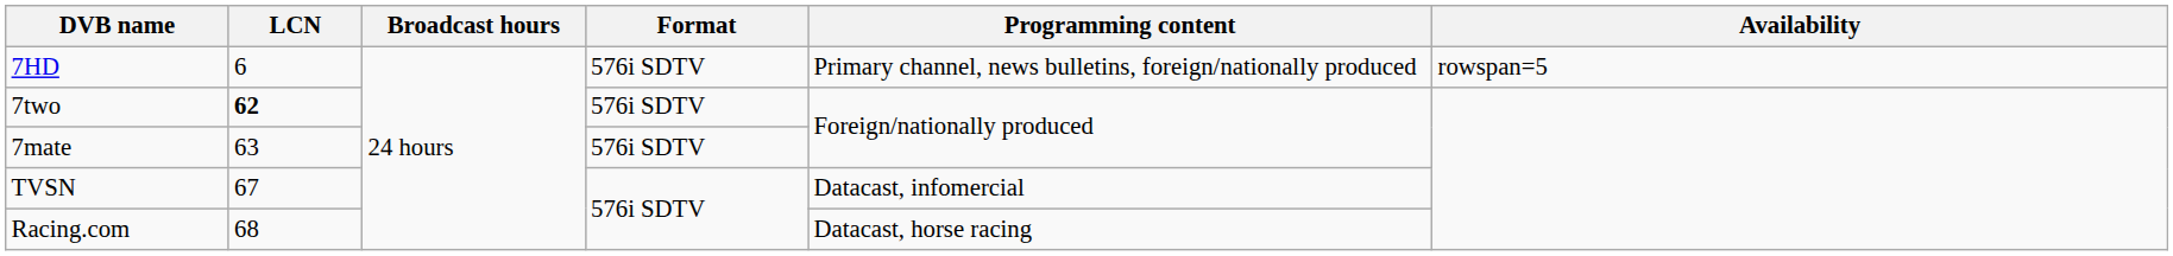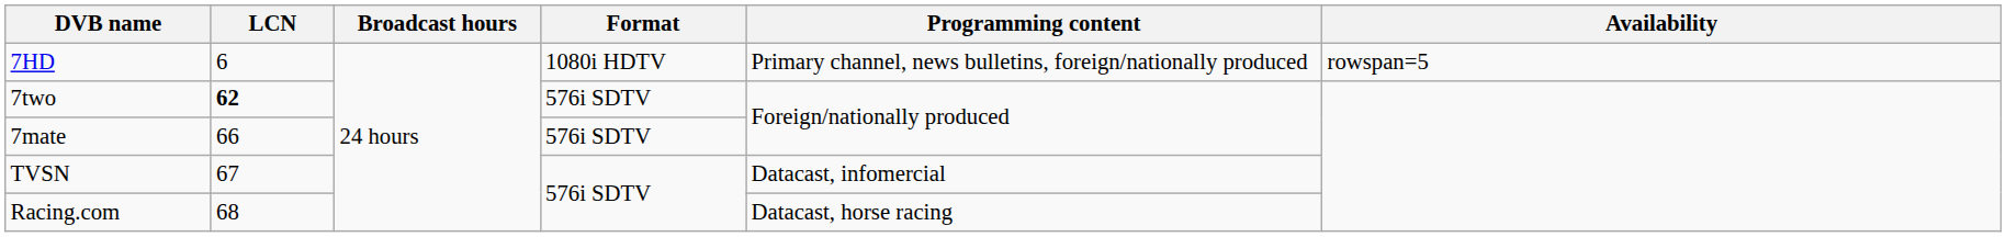 <table class="wikitable" style="font-size:90%; width:100%;">
 <tr>
 <th width="10%">DVB name</th>
 <th width="6%">LCN</th>
 <th width="10%">Broadcast hours</th>
 <th width="10%">Format</th>
 <th width="28%">Programming content</th>
 <th width="33%">Availability</th>
 </tr>
 <tr>
 <td><a href='#'>7HD</a></td>
 <td>6</td>
 <td rowspan=5>24 hours</td>
-<td>576i SDTV<br></td>
+<td>1080i HDTV<br></td>
 <td>Primary channel, news bulletins, foreign/nationally produced </td>
 <td>rowspan=5 </td>
 </tr>
 <tr>
 <td>7two</td>
 <td><strong>62</strong></td>
 <td>576i SDTV<br></td>
 <td rowspan=2>Foreign/nationally produced </td>
 </tr>
 <tr>
 <td>7mate</td>
-<td>63</td>
+<td>66</td>
 <td>576i SDTV<br></td>
 </tr>
 <tr>
 <td>TVSN</td>
 <td>67</td>
 <td rowspan=2>576i SDTV<br></td>
 <td>Datacast, infomercial </td>
 </tr>
 <tr>
 <td>Racing.com</td>
 <td>68</td>
 <td>Datacast, horse racing </td>
 </tr>
 </table>
